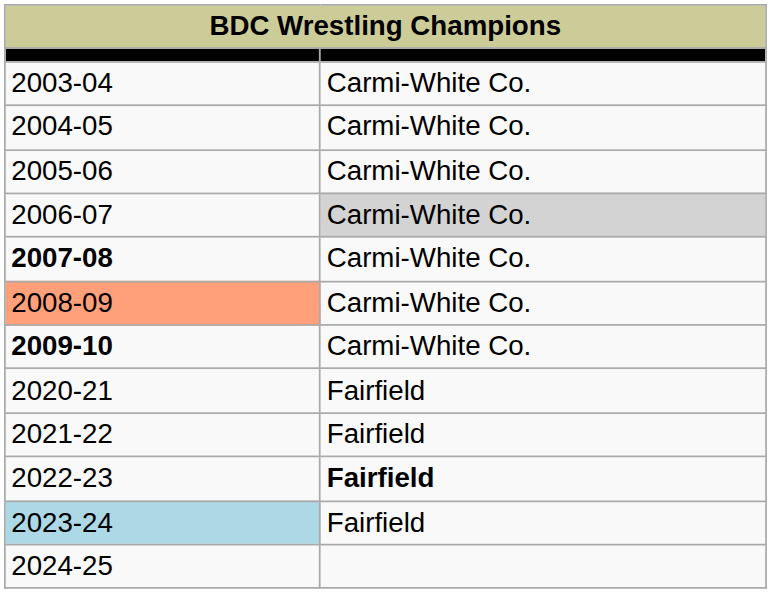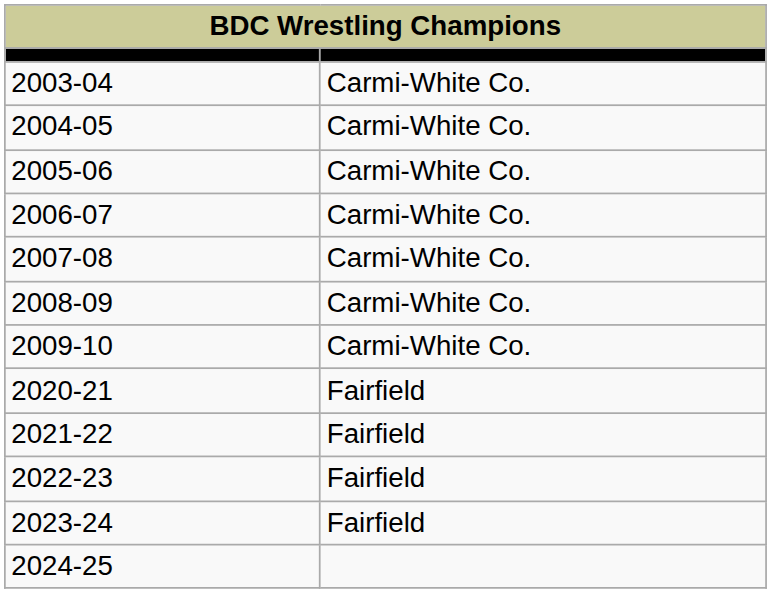 <table class="wikitable" border="1">
 <tr style="background: #cccc99; color: black">
 <td colspan="2" style="text-align:center;"><strong>BDC Wrestling Champions</strong></td>
 </tr>
 <tr>
 </tr>
 <tr style="background: black; color: #cccc99">
 <td width="175"></td>
 <td width="250"></td>
 </tr>
 <tr>
 <td>2003-04</td>
 <td>Carmi-White Co.</td>
 </tr>
 <tr>
 <td>2004-05</td>
 <td>Carmi-White Co.</td>
 </tr>
 <tr>
 <td>2005-06</td>
 <td>Carmi-White Co.</td>
 </tr>
 <tr>
 <td>2006-07</td>
-<td style="background: lightgrey;">Carmi-White Co.</td>
-</tr>
-<tr>
-<td><strong>2007-08</strong></td>
 <td>Carmi-White Co.</td>
 </tr>
 <tr>
-<td style="background: lightsalmon;">2008-09</td>
+<td>2007-08</td>
 <td>Carmi-White Co.</td>
 </tr>
 <tr>
-<td><strong>2009-10</strong></td>
+<td>2008-09</td>
+<td>Carmi-White Co.</td>
+</tr>
+<tr>
+<td>2009-10</td>
 <td>Carmi-White Co.</td>
 </tr>
 <tr>
 <td>2020-21</td>
 <td>Fairfield</td>
 </tr>
 <tr>
 <td>2021-22</td>
 <td>Fairfield</td>
 </tr>
 <tr>
 <td>2022-23</td>
-<td><strong>Fairfield</strong></td>
+<td>Fairfield</td>
 </tr>
 <tr>
-<td style="background: lightblue;">2023-24</td>
+<td>2023-24</td>
 <td>Fairfield</td>
 </tr>
 <tr>
 <td>2024-25</td>
 <td></td>
 </tr>
 </table>
